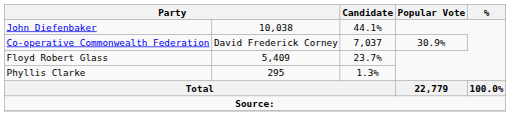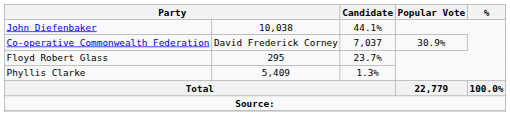 <table class="wikitable">
 <tr>
 <th colspan="2">Party</th>
 <th>Candidate</th>
 <th>Popular Vote</th>
 <th>%</th>
 </tr>
 <tr>
 <td> <a href='#'>John Diefenbaker</a></td>
 <td align=center>10,038</td>
 <td align=center>44.1%</td>
 </tr>
 <tr>
 <td><a href='#'>Co-operative Commonwealth Federation</a></td>
 <td>David Frederick Corney</td>
 <td align=center>7,037</td>
 <td align=center>30.9%</td>
 </tr>
 <tr>
 <td>Floyd Robert Glass</td>
-<td align=center>5,409</td>
+<td align=center>295</td>
 <td align=center>23.7%</td>
 </tr>
 <tr>
 <td>Phyllis Clarke</td>
-<td align=center>295</td>
+<td align=center>5,409</td>
 <td align=center>1.3%</td>
 </tr>
 <tr>
 <th colspan=3 align=center>Total</th>
 <th align=center>22,779</th>
 <th align=center>100.0%</th>
 </tr>
 <tr>
 <td align="center" colspan=5><strong>Source:</strong> </td>
 </tr>
 <tr>
 </tr>
 </table>
